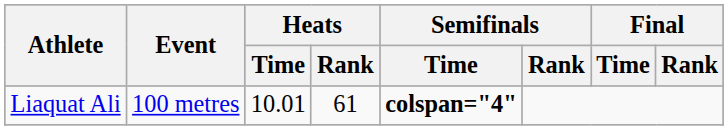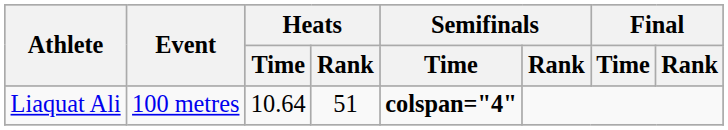 <table class=wikitable style="font-size:90%;">
 <tr>
 <th rowspan=2>Athlete</th>
 <th rowspan=2>Event</th>
 <th colspan=2>Heats</th>
 <th colspan=2>Semifinals</th>
 <th colspan=2>Final</th>
 </tr>
 <tr>
 <th>Time</th>
 <th>Rank</th>
 <th>Time</th>
 <th>Rank</th>
 <th>Time</th>
 <th>Rank</th>
 </tr>
 <tr>
 <td><a href='#'>Liaquat Ali</a></td>
 <td><a href='#'>100 metres</a></td>
-<td align="center">10.01</td>
-<td align="center">61</td>
+<td align="center">10.64</td>
+<td align="center">51</td>
 <td><strong>colspan="4" </strong></td>
 </tr>
 </table>
